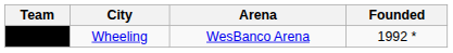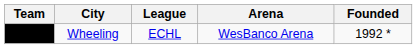 <table class="wikitable sortable" width="60%">
 <tr>
 <th>Team</th>
 <th>City</th>
+<th>League</th>
 <th>Arena</th>
 <th>Founded</th>
 </tr>
 <tr align=center>
 <td style="color:white; background:#000000; "><strong><a href='#'></a></strong></td>
 <td><a href='#'>Wheeling</a></td>
+<td><a href='#'>ECHL</a></td>
 <td><a href='#'>WesBanco Arena</a></td>
 <td>1992 *</td>
 </tr>
 </table>
